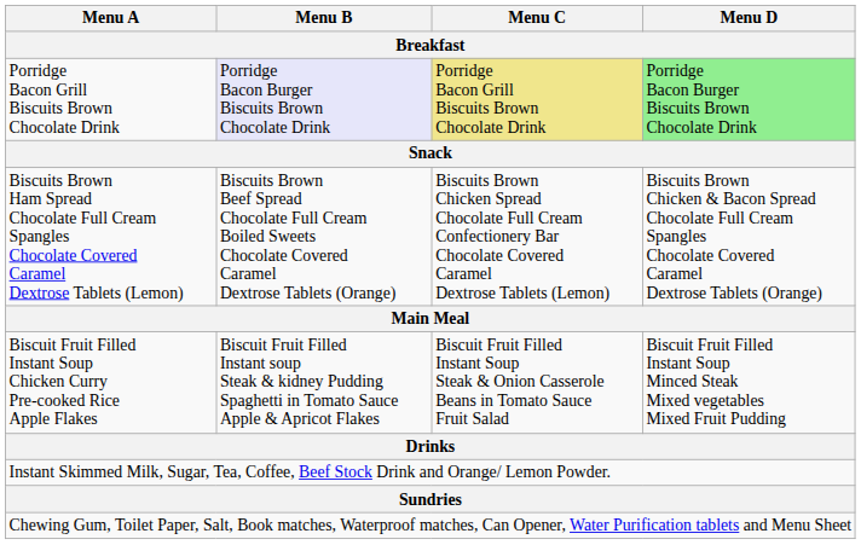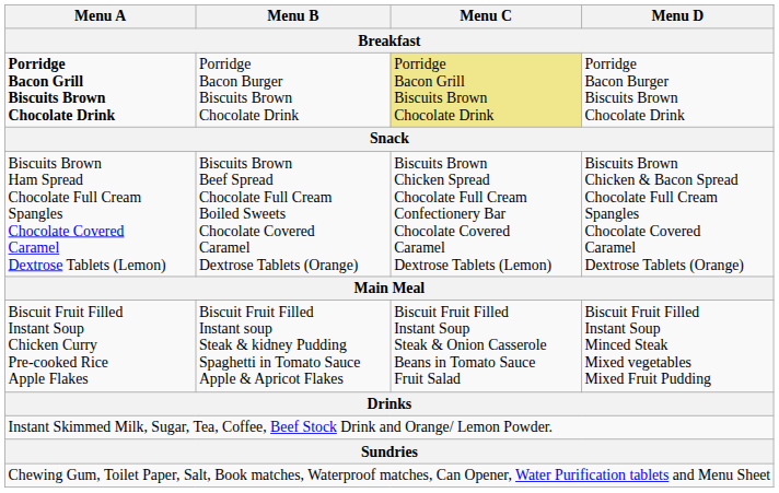 <table class="wikitable collapsible collapsed" style="min-width:400px">
 <tr>
 <th>Menu A</th>
 <th>Menu B</th>
 <th>Menu C</th>
 <th>Menu D</th>
 </tr>
 <tr>
 <th colspan="4">Breakfast</th>
 </tr>
 <tr>
-<td>Porridge<br>Bacon Grill<br>Biscuits Brown<br>Chocolate Drink</td>
-<td style="background: lavender;">Porridge<br>Bacon Burger<br>Biscuits Brown<br>Chocolate Drink</td>
+<td><strong>Porridge<br>Bacon Grill<br>Biscuits Brown<br>Chocolate Drink</strong></td>
+<td>Porridge<br>Bacon Burger<br>Biscuits Brown<br>Chocolate Drink</td>
 <td style="background: khaki;">Porridge<br>Bacon Grill<br>Biscuits Brown<br>Chocolate Drink</td>
-<td style="background: lightgreen;">Porridge<br>Bacon Burger<br>Biscuits Brown<br>Chocolate Drink</td>
+<td>Porridge<br>Bacon Burger<br>Biscuits Brown<br>Chocolate Drink</td>
 </tr>
 <tr>
 <th colspan="4">Snack</th>
 </tr>
 <tr>
 <td>Biscuits Brown<br>Ham Spread<br>Chocolate Full Cream<br>Spangles<br><a href='#'>Chocolate Covered</a><br><a href='#'>Caramel</a><br><a href='#'>Dextrose</a> Tablets (Lemon)</td>
 <td>Biscuits Brown<br>Beef Spread<br>Chocolate Full Cream<br>Boiled Sweets<br>Chocolate Covered<br>Caramel<br>Dextrose Tablets (Orange)</td>
 <td>Biscuits Brown<br>Chicken Spread<br>Chocolate Full Cream<br>Confectionery Bar<br>Chocolate Covered<br>Caramel<br>Dextrose Tablets (Lemon)</td>
 <td>Biscuits Brown<br>Chicken & Bacon Spread<br>Chocolate Full Cream<br>Spangles<br>Chocolate Covered<br>Caramel<br>Dextrose Tablets (Orange)</td>
 </tr>
 <tr>
 <th colspan="4">Main Meal</th>
 </tr>
 <tr>
 <td>Biscuit Fruit Filled<br>Instant Soup<br>Chicken Curry<br>Pre-cooked Rice<br>Apple Flakes</td>
 <td>Biscuit Fruit Filled<br>Instant soup<br>Steak & kidney Pudding<br>Spaghetti in Tomato Sauce<br>Apple & Apricot Flakes</td>
 <td>Biscuit Fruit Filled<br>Instant Soup<br>Steak & Onion Casserole<br>Beans in Tomato Sauce<br>Fruit Salad</td>
 <td>Biscuit Fruit Filled<br>Instant Soup<br>Minced Steak<br>Mixed vegetables<br>Mixed Fruit Pudding</td>
 </tr>
 <tr>
 <th colspan="4">Drinks</th>
 </tr>
 <tr>
 <td colspan="4">Instant Skimmed Milk, Sugar, Tea, Coffee, <a href='#'>Beef Stock</a> Drink and Orange/ Lemon Powder.</td>
 </tr>
 <tr>
 <th colspan="4">Sundries</th>
 </tr>
 <tr>
 <td colspan="4">Chewing Gum, Toilet Paper, Salt, Book matches, Waterproof matches, Can Opener, <a href='#'>Water Purification tablets</a> and Menu Sheet</td>
 </tr>
 </table>
